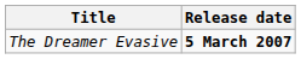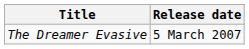 <table class="wikitable">
 <tr>
 <th>Title</th>
 <th>Release date</th>
 </tr>
 <tr>
 <td><em>The Dreamer Evasive</em></td>
-<td><strong>5 March 2007</strong></td>
+<td>5 March 2007</td>
 </tr>
 </table>
